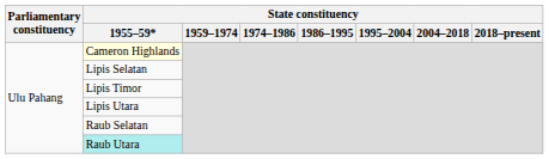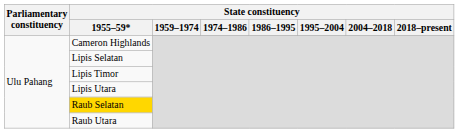 <table class="wikitable">
 <tr>
 <th rowspan="2">Parliamentary<br>constituency</th>
 <th colspan="7">State constituency</th>
 </tr>
 <tr>
 <th>1955–59*</th>
 <th>1959–1974</th>
 <th>1974–1986</th>
 <th>1986–1995</th>
 <th>1995–2004</th>
 <th>2004–2018</th>
 <th>2018–present</th>
 </tr>
 <tr>
 <td rowspan="6">Ulu Pahang</td>
-<td style="background: lightyellow;">Cameron Highlands</td>
+<td>Cameron Highlands</td>
 <td colspan="6" rowspan="6" bgcolor="dcdcdc"></td>
 </tr>
 <tr>
 <td>Lipis Selatan</td>
 </tr>
 <tr>
 <td>Lipis Timor</td>
 </tr>
 <tr>
 <td>Lipis Utara</td>
 </tr>
 <tr>
-<td>Raub Selatan</td>
+<td style="background: gold;">Raub Selatan</td>
 </tr>
 <tr>
-<td style="background: paleturquoise;">Raub Utara</td>
+<td>Raub Utara</td>
 </tr>
 </table>
